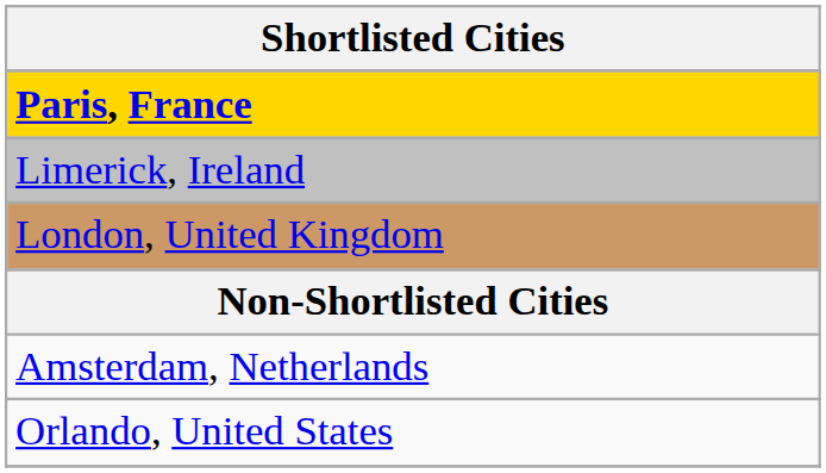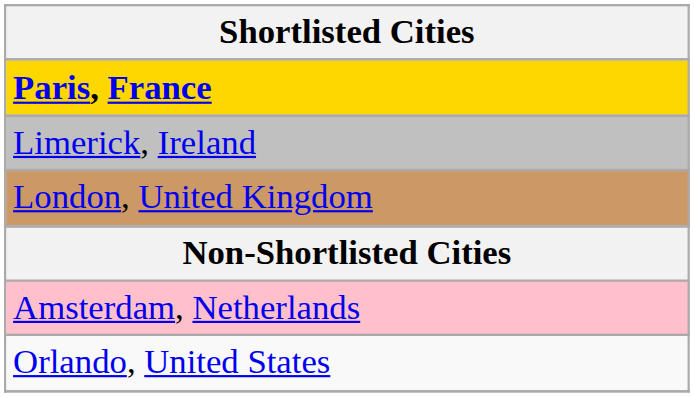 <table class="wikitable" width=25% align=center>
 <tr>
 </tr>
 <tr>
 </tr>
 <tr>
 <th>Shortlisted Cities</th>
 </tr>
 <tr>
 </tr>
 <tr style="background:gold;">
 <td><strong> <a href='#'>Paris</a>, <a href='#'>France</a></strong></td>
 </tr>
 <tr bgcolor="#EFEFEF">
 </tr>
 <tr>
 </tr>
 <tr style="background:silver;">
 <td> <a href='#'>Limerick</a>, <a href='#'>Ireland</a></td>
 </tr>
 <tr bgcolor="#EFEFEF">
 </tr>
 <tr>
 </tr>
 <tr style="background:#c96;">
 <td> <a href='#'>London</a>, <a href='#'>United Kingdom</a></td>
 </tr>
 <tr bgcolor="#EFEFEF">
 </tr>
 <tr>
 <th>Non-Shortlisted Cities</th>
 </tr>
 <tr>
-<td> <a href='#'>Amsterdam</a>, <a href='#'>Netherlands</a></td>
+<td style="background: pink;"> <a href='#'>Amsterdam</a>, <a href='#'>Netherlands</a></td>
 </tr>
 <tr bgcolor="#EFEFEF">
 </tr>
 <tr>
 <td> <a href='#'>Orlando</a>, <a href='#'>United States</a></td>
 </tr>
 <tr bgcolor="#EFEFEF">
 </tr>
 <tr>
 </tr>
 <tr bgcolor="#EFEFEF">
 </tr>
 <tr>
 </tr>
 </table>
